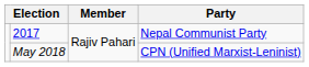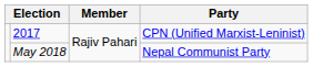 <table class="wikitable">
 <tr>
 <th colspan="2">Election</th>
 <th>Member</th>
 <th>Party</th>
 </tr>
 <tr>
 <td rowspan="2" style="background-color:"></td>
 <td><a href='#'>2017</a></td>
 <td rowspan="2">Rajiv Pahari</td>
-<td><a href='#'>Nepal Communist Party</a></td>
+<td><a href='#'>CPN (Unified Marxist-Leninist)</a></td>
 </tr>
 <tr>
 <td><em>May 2018</em></td>
-<td><a href='#'>CPN (Unified Marxist-Leninist)</a></td>
+<td><a href='#'>Nepal Communist Party</a></td>
 </tr>
 </table>
